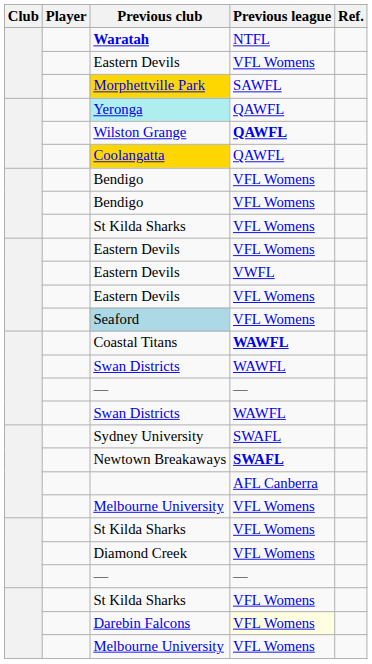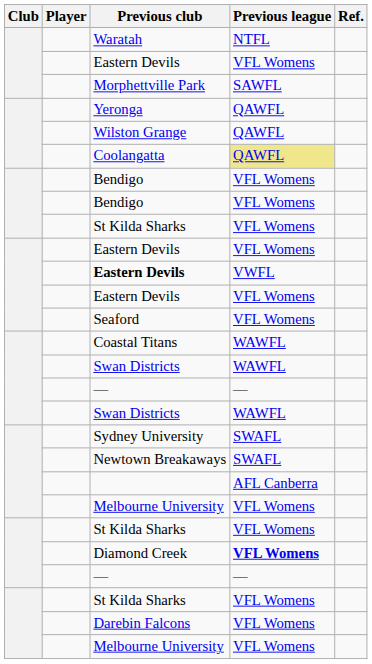 <table class="wikitable sortable">
 <tr>
 <th>Club</th>
 <th>Player</th>
 <th>Previous club</th>
 <th>Previous league</th>
 <th class=unsortable>Ref.</th>
 </tr>
 <tr>
 <th rowspan="3" ></th>
 <td></td>
-<td><strong><a href='#'>Waratah</a></strong></td>
+<td><a href='#'>Waratah</a></td>
 <td><a href='#'>NTFL</a></td>
 <td></td>
 </tr>
 <tr>
 <td></td>
 <td>Eastern Devils</td>
 <td><a href='#'>VFL Womens</a></td>
 <td></td>
 </tr>
 <tr>
 <td></td>
-<td style="background: gold;"><a href='#'>Morphettville Park</a></td>
+<td><a href='#'>Morphettville Park</a></td>
 <td><a href='#'>SAWFL</a></td>
 <td></td>
 </tr>
 <tr>
 <th rowspan="3" ></th>
 <td></td>
-<td style="background: paleturquoise;"><a href='#'>Yeronga</a></td>
+<td><a href='#'>Yeronga</a></td>
 <td><a href='#'>QAWFL</a></td>
 <td></td>
 </tr>
 <tr>
 <td></td>
 <td><a href='#'>Wilston Grange</a></td>
-<td><strong><a href='#'>QAWFL</a></strong></td>
+<td><a href='#'>QAWFL</a></td>
 <td></td>
 </tr>
 <tr>
 <td></td>
-<td style="background: gold;"><a href='#'>Coolangatta</a></td>
-<td><a href='#'>QAWFL</a></td>
+<td><a href='#'>Coolangatta</a></td>
+<td style="background: khaki;"><a href='#'>QAWFL</a></td>
 <td></td>
 </tr>
 <tr>
 <th rowspan="3" ></th>
 <td></td>
 <td>Bendigo</td>
 <td><a href='#'>VFL Womens</a></td>
 <td></td>
 </tr>
 <tr>
 <td></td>
 <td>Bendigo</td>
 <td><a href='#'>VFL Womens</a></td>
 <td></td>
 </tr>
 <tr>
 <td></td>
 <td>St Kilda Sharks</td>
 <td><a href='#'>VFL Womens</a></td>
 <td></td>
 </tr>
 <tr>
 <th rowspan="4" ></th>
 <td></td>
 <td>Eastern Devils</td>
 <td><a href='#'>VFL Womens</a></td>
 <td></td>
 </tr>
 <tr>
 <td></td>
-<td>Eastern Devils</td>
+<td><strong>Eastern Devils</strong></td>
 <td><a href='#'>VWFL</a></td>
 <td></td>
 </tr>
 <tr>
 <td></td>
 <td>Eastern Devils</td>
 <td><a href='#'>VFL Womens</a></td>
 <td></td>
 </tr>
 <tr>
 <td></td>
-<td style="background: lightblue;">Seaford</td>
+<td>Seaford</td>
 <td><a href='#'>VFL Womens</a></td>
 <td></td>
 </tr>
 <tr>
 <th rowspan="4" ></th>
 <td></td>
 <td>Coastal Titans</td>
-<td><strong><a href='#'>WAWFL</a></strong></td>
+<td><a href='#'>WAWFL</a></td>
 <td></td>
 </tr>
 <tr>
 <td></td>
 <td><a href='#'>Swan Districts</a></td>
 <td><a href='#'>WAWFL</a></td>
 <td></td>
 </tr>
 <tr>
 <td></td>
 <td>—</td>
 <td>—</td>
 <td></td>
 </tr>
 <tr>
 <td></td>
 <td><a href='#'>Swan Districts</a></td>
 <td><a href='#'>WAWFL</a></td>
 <td></td>
 </tr>
 <tr>
 <th rowspan="4" ></th>
 <td></td>
 <td>Sydney University</td>
 <td><a href='#'>SWAFL</a></td>
 <td></td>
 </tr>
 <tr>
 <td></td>
 <td>Newtown Breakaways</td>
-<td><strong><a href='#'>SWAFL</a></strong></td>
+<td><a href='#'>SWAFL</a></td>
 <td></td>
 </tr>
 <tr>
 <td></td>
 <td></td>
 <td><a href='#'>AFL Canberra</a></td>
 <td></td>
 </tr>
 <tr>
 <td></td>
 <td><a href='#'>Melbourne University</a></td>
 <td><a href='#'>VFL Womens</a></td>
 <td></td>
 </tr>
 <tr>
 <th rowspan="3" ></th>
 <td></td>
 <td>St Kilda Sharks</td>
 <td><a href='#'>VFL Womens</a></td>
 <td></td>
 </tr>
 <tr>
 <td></td>
 <td>Diamond Creek</td>
-<td><a href='#'>VFL Womens</a></td>
+<td><strong><a href='#'>VFL Womens</a></strong></td>
 <td></td>
 </tr>
 <tr>
 <td></td>
 <td>—</td>
 <td>—</td>
 <td></td>
 </tr>
 <tr>
 <th rowspan="3" ></th>
 <td></td>
 <td>St Kilda Sharks</td>
 <td><a href='#'>VFL Womens</a></td>
 <td></td>
 </tr>
 <tr>
 <td></td>
 <td><a href='#'>Darebin Falcons</a></td>
-<td style="background: lightyellow;"><a href='#'>VFL Womens</a></td>
+<td><a href='#'>VFL Womens</a></td>
 <td></td>
 </tr>
 <tr>
 <td></td>
 <td><a href='#'>Melbourne University</a></td>
 <td><a href='#'>VFL Womens</a></td>
 <td></td>
 </tr>
 </table>
